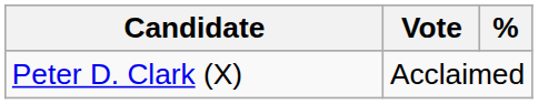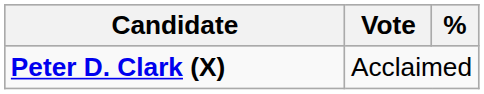 <table class="wikitable">
 <tr>
 <th bgcolor="#DDDDFF" width="200px">Candidate</th>
 <th bgcolor="#DDDDFF">Vote</th>
 <th bgcolor="#DDDDFF">%</th>
 </tr>
 <tr>
-<td><a href='#'>Peter D. Clark</a> (X)</td>
+<td><strong><a href='#'>Peter D. Clark</a> (X)</strong></td>
 <td colspan="2">Acclaimed</td>
 </tr>
 </table>
